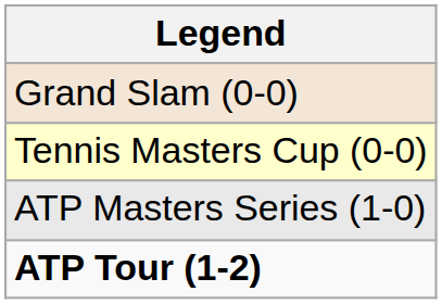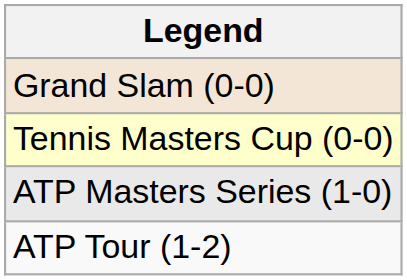 <table class="wikitable sortable">
 <tr>
 <th>Legend</th>
 </tr>
 <tr style="background:#f3e6d7;">
 <td>Grand Slam (0-0)</td>
 </tr>
 <tr style="background:#ffffcc;">
 <td>Tennis Masters Cup (0-0)</td>
 </tr>
 <tr style="background:#e9e9e9;">
 <td>ATP Masters Series (1-0)</td>
 </tr>
 <tr>
-<td><strong>ATP Tour (1-2)</strong></td>
+<td>ATP Tour (1-2)</td>
 </tr>
 </table>
